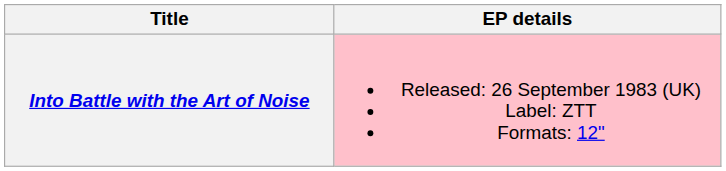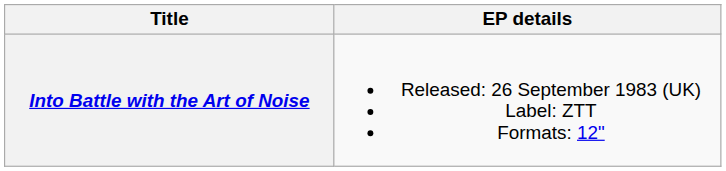 <table class="wikitable plainrowheaders" style="text-align:center;">
 <tr>
 <th scope="col" style="width:17em;">Title</th>
 <th scope="col" style="width:20em;">EP details</th>
 </tr>
 <tr>
 <th scope="row"><em><a href='#'>Into Battle with the Art of Noise</a></em></th>
-<td style="background: pink;"><br><ul><li>Released: 26 September 1983 <span>(UK)</span></li><li>Label: ZTT</li><li>Formats: <a href='#'>12"</a></li></ul></td>
+<td><br><ul><li>Released: 26 September 1983 <span>(UK)</span></li><li>Label: ZTT</li><li>Formats: <a href='#'>12"</a></li></ul></td>
 </tr>
 </table>
